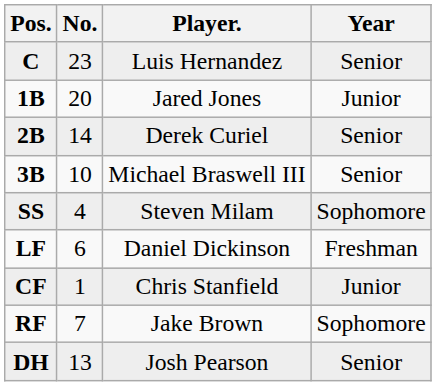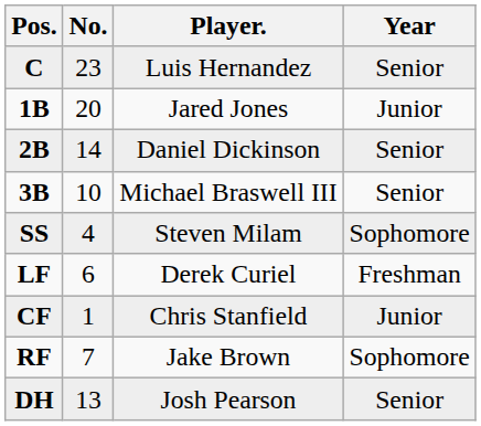 <table class="wikitable non-sortable">
 <tr>
 <th style="text-align:center; ">Pos.</th>
 <th style="text-align:center; ">No.</th>
 <th style="text-align:center; ">Player.</th>
 <th style="text-align:center; ">Year</th>
 </tr>
 <tr style="background:#eeeeee;text-align:center;">
 <td><strong>C</strong></td>
 <td>23</td>
 <td>Luis Hernandez</td>
 <td>Senior</td>
 </tr>
 <tr style="text-align:center;">
 <td><strong>1B</strong></td>
 <td>20</td>
 <td>Jared Jones</td>
 <td>Junior</td>
 </tr>
 <tr style="background:#eeeeee;text-align:center;">
 <td><strong>2B</strong></td>
 <td>14</td>
-<td>Derek Curiel</td>
+<td>Daniel Dickinson</td>
 <td>Senior</td>
 </tr>
 <tr style="text-align:center;">
 <td><strong>3B</strong></td>
 <td>10</td>
 <td>Michael Braswell III</td>
 <td>Senior</td>
 </tr>
 <tr style="background:#eeeeee;text-align:center;">
 <td><strong>SS</strong></td>
 <td>4</td>
 <td>Steven Milam</td>
 <td>Sophomore</td>
 </tr>
 <tr style="text-align:center;">
 <td><strong>LF</strong></td>
 <td>6</td>
-<td>Daniel Dickinson</td>
+<td>Derek Curiel</td>
 <td>Freshman</td>
 </tr>
 <tr style="background:#eeeeee;text-align:center;">
 <td><strong>CF</strong></td>
 <td>1</td>
 <td>Chris Stanfield</td>
 <td>Junior</td>
 </tr>
 <tr style="text-align:center;">
 <td><strong>RF</strong></td>
 <td>7</td>
 <td>Jake Brown</td>
 <td>Sophomore</td>
 </tr>
 <tr style="background:#eeeeee;text-align:center;">
 <td><strong>DH</strong></td>
 <td>13</td>
 <td>Josh Pearson</td>
 <td>Senior</td>
 </tr>
 </table>
